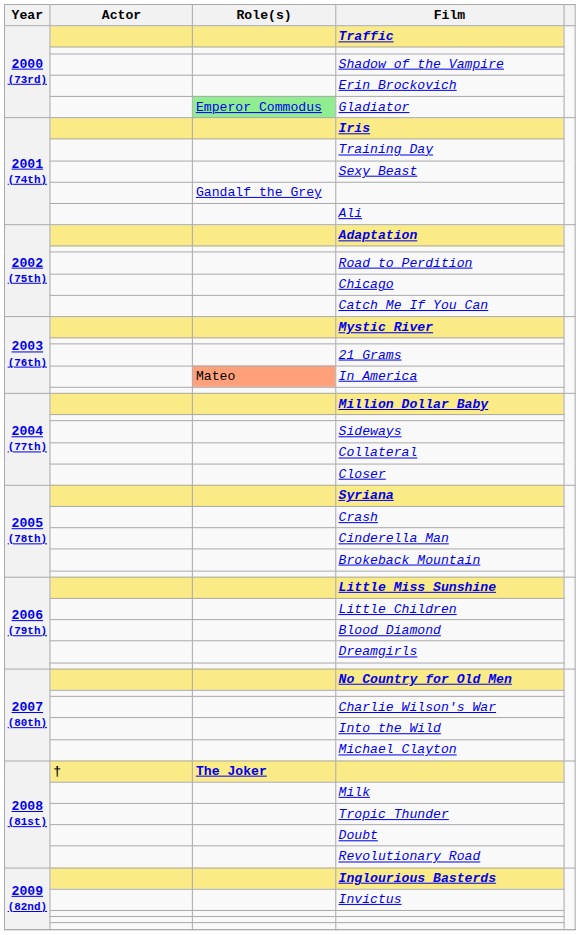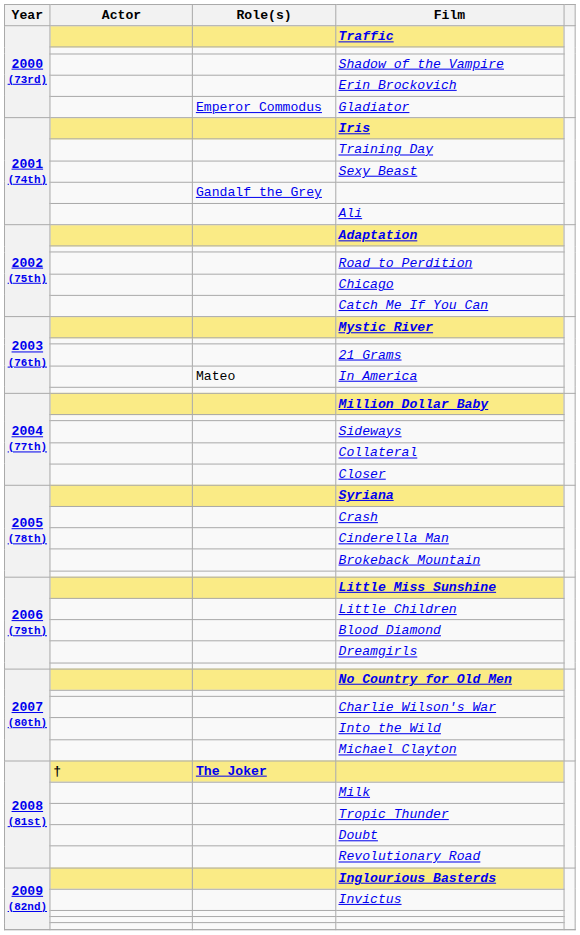 <table class="wikitable sortable" style="text-align:left;">
 <tr>
 <th scope="col" style="width:8%;">Year</th>
 <th scope="col" style="width:25%;">Actor</th>
 <th scope="col" style="width:25%;">Role(s)</th>
 <th scope="col" style="width:40%;">Film</th>
 <th scope="col" style="width:2%;" class="unsortable"></th>
 </tr>
 <tr>
 <th scope="row" rowspan=5 style="text-align:center"><a href='#'>2000</a> <br><small><a href='#'>(73rd)</a> </small></th>
 <td style="background:#FAEB86"><strong> </strong></td>
 <td style="background:#FAEB86"><strong></strong></td>
 <td style="background:#FAEB86"><strong><em><a href='#'>Traffic</a></em></strong></td>
 <td rowspan=5></td>
 </tr>
 <tr>
 <td></td>
 <td></td>
 <td><em></em></td>
 </tr>
 <tr>
 <td></td>
 <td></td>
 <td><em><a href='#'>Shadow of the Vampire</a></em></td>
 </tr>
 <tr>
 <td></td>
 <td></td>
 <td><em><a href='#'>Erin Brockovich</a></em></td>
 </tr>
 <tr>
 <td></td>
-<td style="background: lightgreen;"><a href='#'>Emperor Commodus</a></td>
+<td><a href='#'>Emperor Commodus</a></td>
 <td><em><a href='#'>Gladiator</a></em></td>
 </tr>
 <tr>
 <th scope="row" rowspan=5 style="text-align:center"><a href='#'>2001</a> <br><small><a href='#'>(74th)</a> </small></th>
 <td style="background:#FAEB86"><strong> </strong></td>
 <td style="background:#FAEB86"><strong></strong></td>
 <td style="background:#FAEB86"><strong><em><a href='#'>Iris</a></em></strong></td>
 <td rowspan=5></td>
 </tr>
 <tr>
 <td></td>
 <td></td>
 <td><em><a href='#'>Training Day</a></em></td>
 </tr>
 <tr>
 <td></td>
 <td></td>
 <td><em><a href='#'>Sexy Beast</a></em></td>
 </tr>
 <tr>
 <td></td>
 <td><a href='#'>Gandalf the Grey</a></td>
 <td><em></em></td>
 </tr>
 <tr>
 <td></td>
 <td></td>
 <td><em><a href='#'>Ali</a></em></td>
 </tr>
 <tr>
 <th scope="row" rowspan=5 style="text-align:center"><a href='#'>2002</a> <br><small><a href='#'>(75th)</a> </small></th>
 <td style="background:#FAEB86"><strong> </strong></td>
 <td style="background:#FAEB86"><strong></strong></td>
 <td style="background:#FAEB86"><strong><em><a href='#'>Adaptation</a></em></strong></td>
 <td rowspan=5></td>
 </tr>
 <tr>
 <td></td>
 <td></td>
 <td><em></em></td>
 </tr>
 <tr>
 <td></td>
 <td></td>
 <td><em><a href='#'>Road to Perdition</a></em></td>
 </tr>
 <tr>
 <td></td>
 <td></td>
 <td><em><a href='#'>Chicago</a></em></td>
 </tr>
 <tr>
 <td></td>
 <td></td>
 <td><em><a href='#'>Catch Me If You Can</a></em></td>
 </tr>
 <tr>
 <th scope="row" rowspan=5 style="text-align:center"><a href='#'>2003</a> <br><small><a href='#'>(76th)</a> </small></th>
 <td style="background:#FAEB86"><strong> </strong></td>
 <td style="background:#FAEB86"><strong></strong></td>
 <td style="background:#FAEB86"><strong><em><a href='#'>Mystic River</a></em></strong></td>
 <td rowspan=5></td>
 </tr>
 <tr>
 <td></td>
 <td></td>
 <td><em></em></td>
 </tr>
 <tr>
 <td></td>
 <td></td>
 <td><em><a href='#'>21 Grams</a></em></td>
 </tr>
 <tr>
 <td></td>
-<td style="background: lightsalmon;">Mateo</td>
+<td>Mateo</td>
 <td><em><a href='#'>In America</a></em></td>
 </tr>
 <tr>
 <td></td>
 <td></td>
 <td><em></em></td>
 </tr>
 <tr>
 <th scope="row" rowspan=5 style="text-align:center"><a href='#'>2004</a> <br><small><a href='#'>(77th)</a> </small></th>
 <td style="background:#FAEB86"><strong> </strong></td>
 <td style="background:#FAEB86"><strong></strong></td>
 <td style="background:#FAEB86"><strong><em><a href='#'>Million Dollar Baby</a></em></strong></td>
 <td rowspan=5></td>
 </tr>
 <tr>
 <td></td>
 <td></td>
 <td><em></em></td>
 </tr>
 <tr>
 <td></td>
 <td></td>
 <td><em><a href='#'>Sideways</a></em></td>
 </tr>
 <tr>
 <td></td>
 <td></td>
 <td><em><a href='#'>Collateral</a></em></td>
 </tr>
 <tr>
 <td></td>
 <td></td>
 <td><em><a href='#'>Closer</a></em></td>
 </tr>
 <tr>
 <th scope="row" rowspan=5 style="text-align:center"><a href='#'>2005</a> <br><small><a href='#'>(78th)</a> </small></th>
 <td style="background:#FAEB86"><strong> </strong></td>
 <td style="background:#FAEB86"><strong></strong></td>
 <td style="background:#FAEB86"><strong><em><a href='#'>Syriana</a></em></strong></td>
 <td rowspan=5></td>
 </tr>
 <tr>
 <td></td>
 <td></td>
 <td><em><a href='#'>Crash</a></em></td>
 </tr>
 <tr>
 <td></td>
 <td></td>
 <td><em><a href='#'>Cinderella Man</a></em></td>
 </tr>
 <tr>
 <td></td>
 <td></td>
 <td><em><a href='#'>Brokeback Mountain</a></em></td>
 </tr>
 <tr>
 <td></td>
 <td></td>
 <td><em></em></td>
 </tr>
 <tr>
 <th scope="row" rowspan=5 style="text-align:center"><a href='#'>2006</a> <br><small><a href='#'>(79th)</a> </small></th>
 <td style="background:#FAEB86"><strong> </strong></td>
 <td style="background:#FAEB86"><strong></strong></td>
 <td style="background:#FAEB86"><strong><em><a href='#'>Little Miss Sunshine</a></em></strong></td>
 <td rowspan=5></td>
 </tr>
 <tr>
 <td></td>
 <td></td>
 <td><em><a href='#'>Little Children</a></em></td>
 </tr>
 <tr>
 <td></td>
 <td></td>
 <td><em><a href='#'>Blood Diamond</a></em></td>
 </tr>
 <tr>
 <td></td>
 <td></td>
 <td><em><a href='#'>Dreamgirls</a></em></td>
 </tr>
 <tr>
 <td></td>
 <td></td>
 <td><em></em></td>
 </tr>
 <tr>
 <th scope="row" rowspan=5 style="text-align:center"><a href='#'>2007</a> <br><small><a href='#'>(80th)</a> </small></th>
 <td style="background:#FAEB86"><strong> </strong></td>
 <td style="background:#FAEB86"><strong></strong></td>
 <td style="background:#FAEB86"><strong><em><a href='#'>No Country for Old Men</a></em></strong></td>
 <td rowspan=5></td>
 </tr>
 <tr>
 <td></td>
 <td></td>
 <td><em></em></td>
 </tr>
 <tr>
 <td></td>
 <td></td>
 <td><em><a href='#'>Charlie Wilson's War</a></em></td>
 </tr>
 <tr>
 <td></td>
 <td></td>
 <td><em><a href='#'>Into the Wild</a></em></td>
 </tr>
 <tr>
 <td></td>
 <td></td>
 <td><em><a href='#'>Michael Clayton</a></em></td>
 </tr>
 <tr>
 <th scope="row" rowspan=5 style="text-align:center"><a href='#'>2008</a> <br><small><a href='#'>(81st)</a> </small></th>
 <td style="background:#FAEB86"><strong> †</strong></td>
 <td style="background:#FAEB86"><strong><a href='#'>The Joker</a></strong></td>
 <td style="background:#FAEB86"><strong><em></em></strong></td>
 <td rowspan=5></td>
 </tr>
 <tr>
 <td></td>
 <td></td>
 <td><em><a href='#'>Milk</a></em></td>
 </tr>
 <tr>
 <td></td>
 <td></td>
 <td><em><a href='#'>Tropic Thunder</a></em></td>
 </tr>
 <tr>
 <td></td>
 <td></td>
 <td><em><a href='#'>Doubt</a></em></td>
 </tr>
 <tr>
 <td></td>
 <td></td>
 <td><em><a href='#'>Revolutionary Road</a></em></td>
 </tr>
 <tr>
 <th scope="row" rowspan=5 style="text-align:center"><a href='#'>2009</a><br><small><a href='#'>(82nd)</a> </small></th>
 <td style="background:#FAEB86"><strong> </strong></td>
 <td style="background:#FAEB86"><strong></strong></td>
 <td style="background:#FAEB86"><strong><em><a href='#'>Inglourious Basterds</a></em></strong></td>
 <td rowspan=5></td>
 </tr>
 <tr>
 <td></td>
 <td></td>
 <td><em><a href='#'>Invictus</a></em></td>
 </tr>
 <tr>
 <td></td>
 <td></td>
 <td><em></em></td>
 </tr>
 <tr>
 <td></td>
 <td></td>
 <td><em></em></td>
 </tr>
 <tr>
 <td></td>
 <td></td>
 <td><em></em></td>
 </tr>
 <tr>
 </tr>
 </table>
